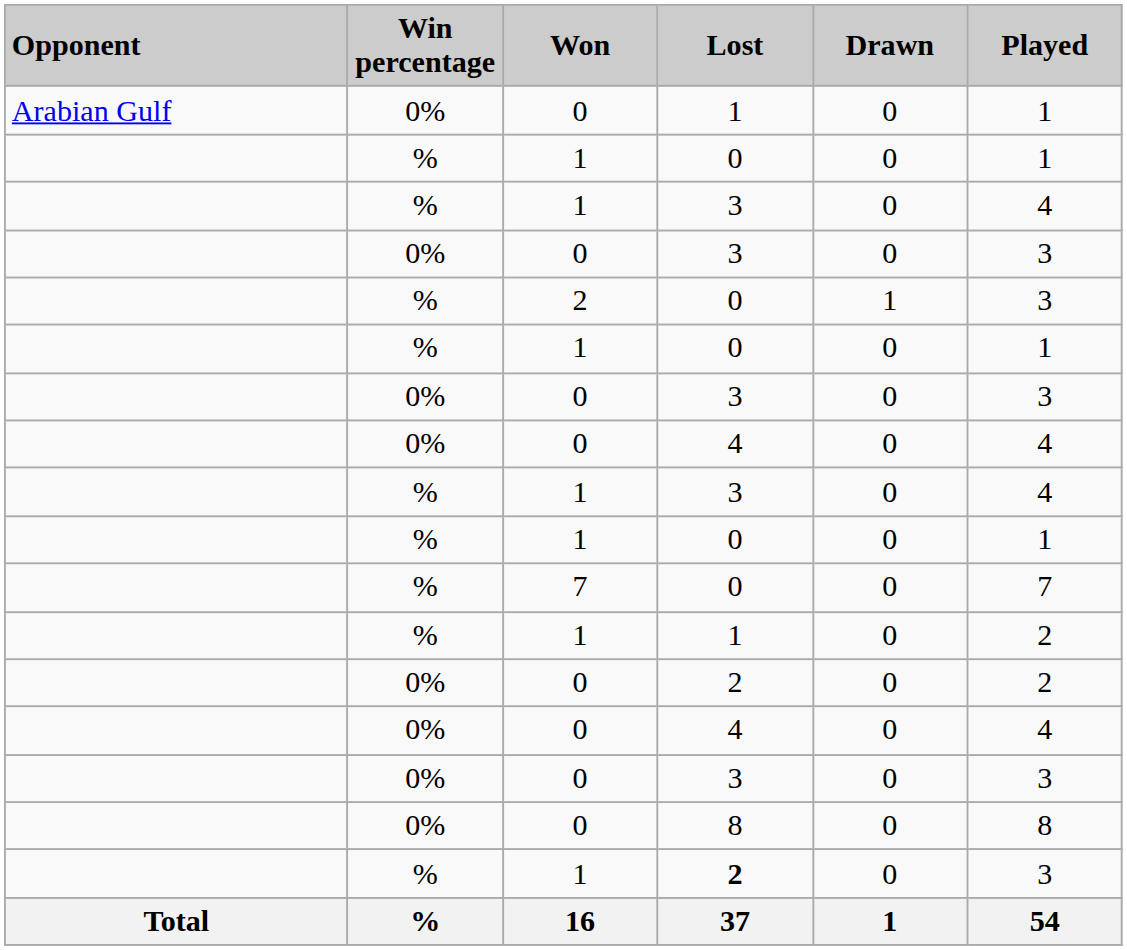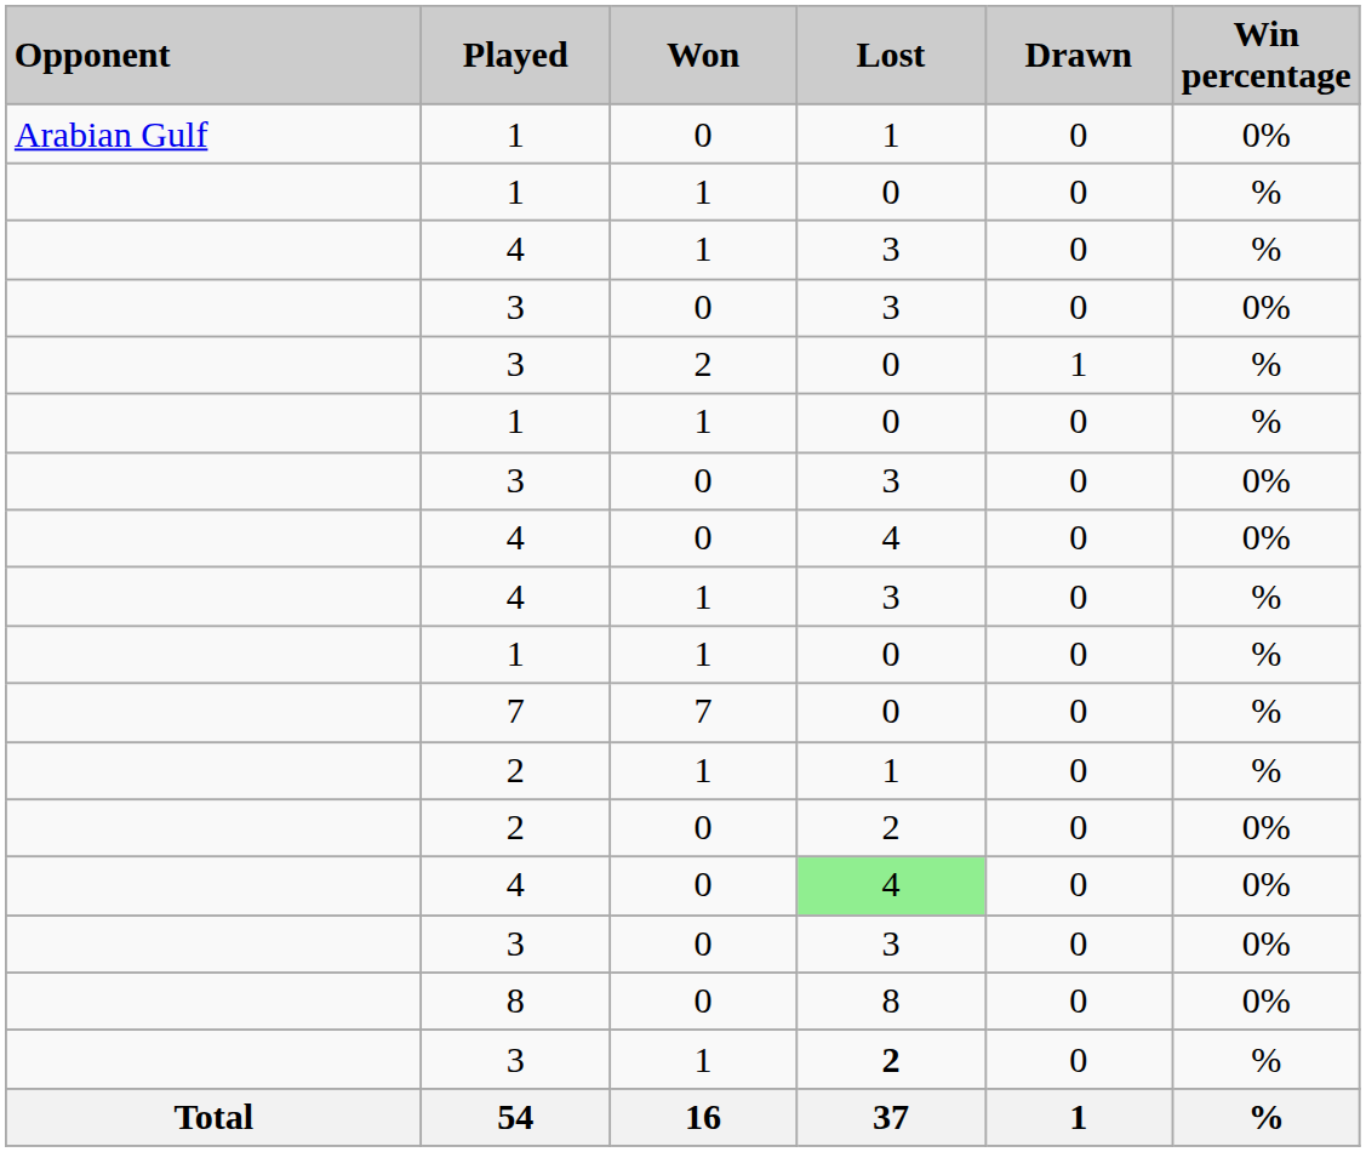 <table class="wikitable sortable" style="border:1px solid #ccc;">
 <tr>
 <th style="width:175px; text-align:left; background:#ccc;">Opponent</th>
-<th style="width:75px; text-align:center; background:#ccc;">Win percentage</th>
+<th style="width:75px; text-align:center; background:#ccc;">Played</th>
 <th style="width:75px; text-align:center; background:#ccc;">Won</th>
 <th style="width:75px; text-align:center; background:#ccc;">Lost</th>
 <th style="width:75px; text-align:center; background:#ccc;">Drawn</th>
-<th style="width:75px; text-align:center; background:#ccc;">Played</th>
+<th style="width:75px; text-align:center; background:#ccc;">Win percentage</th>
 </tr>
 <tr style="text-align:center;">
 <td align="left"> <a href='#'>Arabian Gulf</a></td>
-<td>0%</td>
+<td>1</td>
 <td>0</td>
 <td>1</td>
 <td>0</td>
-<td>1</td>
+<td>0%</td>
 </tr>
 <tr style="text-align:center;">
 <td align="left"></td>
-<td>%</td>
+<td>1</td>
 <td>1</td>
 <td>0</td>
 <td>0</td>
-<td>1</td>
+<td>%</td>
 </tr>
 <tr style="text-align:center;">
 <td align="left"></td>
-<td>%</td>
+<td>4</td>
 <td>1</td>
 <td>3</td>
 <td>0</td>
-<td>4</td>
+<td>%</td>
 </tr>
 <tr style="text-align:center;">
 <td align="left"></td>
-<td>0%</td>
+<td>3</td>
 <td>0</td>
 <td>3</td>
 <td>0</td>
-<td>3</td>
+<td>0%</td>
 </tr>
 <tr style="text-align:center;">
 <td align="left"></td>
-<td>%</td>
+<td>3</td>
 <td>2</td>
 <td>0</td>
 <td>1</td>
-<td>3</td>
+<td>%</td>
 </tr>
 <tr style="text-align:center;">
 <td align="left"></td>
-<td>%</td>
+<td>1</td>
 <td>1</td>
 <td>0</td>
 <td>0</td>
-<td>1</td>
+<td>%</td>
 </tr>
 <tr style="text-align:center;">
 <td align="left"></td>
-<td>0%</td>
+<td>3</td>
 <td>0</td>
 <td>3</td>
 <td>0</td>
-<td>3</td>
+<td>0%</td>
 </tr>
 <tr style="text-align:center;">
 <td align="left"></td>
-<td>0%</td>
+<td>4</td>
 <td>0</td>
 <td>4</td>
 <td>0</td>
-<td>4</td>
+<td>0%</td>
 </tr>
 <tr style="text-align:center;">
 <td align="left"></td>
-<td>%</td>
+<td>4</td>
 <td>1</td>
 <td>3</td>
 <td>0</td>
-<td>4</td>
+<td>%</td>
 </tr>
 <tr style="text-align:center;">
 <td align="left"></td>
-<td>%</td>
+<td>1</td>
 <td>1</td>
 <td>0</td>
 <td>0</td>
-<td>1</td>
+<td>%</td>
 </tr>
 <tr style="text-align:center;">
 <td align="left"></td>
-<td>%</td>
+<td>7</td>
 <td>7</td>
 <td>0</td>
 <td>0</td>
-<td>7</td>
+<td>%</td>
 </tr>
 <tr style="text-align:center;">
 <td align="left"></td>
-<td>%</td>
+<td>2</td>
 <td>1</td>
 <td>1</td>
 <td>0</td>
-<td>2</td>
+<td>%</td>
 </tr>
 <tr style="text-align:center;">
 <td align="left"></td>
-<td>0%</td>
+<td>2</td>
 <td>0</td>
 <td>2</td>
 <td>0</td>
-<td>2</td>
+<td>0%</td>
 </tr>
 <tr style="text-align:center;">
 <td align="left"></td>
-<td>0%</td>
-<td>0</td>
 <td>4</td>
 <td>0</td>
-<td>4</td>
+<td style="background: lightgreen;">4</td>
+<td>0</td>
+<td>0%</td>
 </tr>
 <tr style="text-align:center;">
 <td align="left"></td>
-<td>0%</td>
+<td>3</td>
 <td>0</td>
 <td>3</td>
 <td>0</td>
-<td>3</td>
+<td>0%</td>
 </tr>
 <tr style="text-align:center;">
 <td align="left"></td>
-<td>0%</td>
+<td>8</td>
 <td>0</td>
 <td>8</td>
 <td>0</td>
-<td>8</td>
+<td>0%</td>
 </tr>
 <tr style="text-align:center;">
 <td align="left"></td>
-<td>%</td>
+<td>3</td>
 <td>1</td>
 <td><strong>2</strong></td>
 <td>0</td>
-<td>3</td>
+<td>%</td>
 </tr>
 <tr style="text-align:center;">
 <th>Total</th>
-<th><strong>%</strong></th>
+<th><strong>54</strong></th>
 <th><strong>16</strong></th>
 <th><strong>37</strong></th>
 <th><strong>1</strong></th>
-<th><strong>54</strong></th>
+<th><strong>%</strong></th>
 </tr>
 </table>
